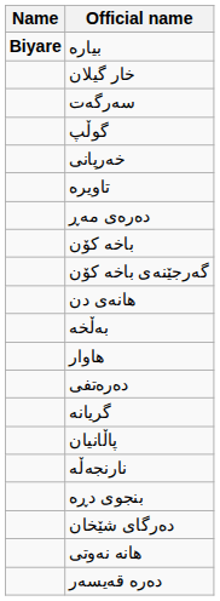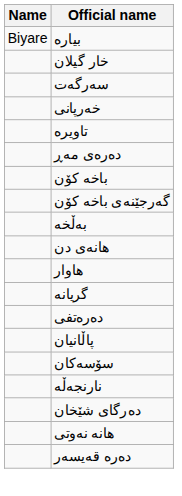 <table class="wikitable">
 <tr>
 <th>Name</th>
 <th>Official name</th>
 </tr>
 <tr>
-<td><strong>Biyare</strong></td>
+<td>Biyare</td>
 <td>بياره‌</td>
 </tr>
 <tr>
 <td></td>
 <td>خار گيلان</td>
 </tr>
 <tr>
 <td></td>
 <td>سه‌رگه‌ت</td>
-</tr>
-<tr>
-<td></td>
-<td>گوڵپ</td>
 </tr>
 <tr>
 <td></td>
 <td>خه‌رپانى</td>
 </tr>
 <tr>
 <td></td>
 <td>تاويره‌</td>
 </tr>
 <tr>
 <td></td>
 <td>ده‌ره‌ى مه‌ڕ</td>
 </tr>
 <tr>
 <td></td>
 <td>باخه‌ كۆن</td>
 </tr>
 <tr>
 <td></td>
 <td>گه‌رجێنه‌ى باخه‌ كۆن</td>
 </tr>
 <tr>
 <td></td>
-<td>هانه‌ى دن</td>
+<td>به‌ڵخه‌</td>
 </tr>
 <tr>
 <td></td>
-<td>به‌ڵخه‌</td>
+<td>هانه‌ى دن</td>
 </tr>
 <tr>
 <td></td>
 <td>هاوار</td>
 </tr>
 <tr>
 <td></td>
-<td>ده‌ره‌تفى</td>
+<td>گريانه‌</td>
 </tr>
 <tr>
 <td></td>
-<td>گريانه‌</td>
+<td>ده‌ره‌تفى</td>
 </tr>
 <tr>
 <td></td>
 <td>پاڵانيان</td>
 </tr>
 <tr>
 <td></td>
-<td>نارنجه‌ڵه‌</td>
+<td>سۆسه‌كان</td>
 </tr>
 <tr>
 <td></td>
-<td>بنجوى دڕه‌</td>
+<td>نارنجه‌ڵه‌</td>
 </tr>
 <tr>
 <td></td>
 <td>ده‌رگاى شێخان</td>
 </tr>
 <tr>
 <td></td>
 <td>هانه‌ نه‌وتى</td>
 </tr>
 <tr>
 <td></td>
 <td>ده‌ره‌ قه‌يسه‌ر</td>
 </tr>
 </table>
